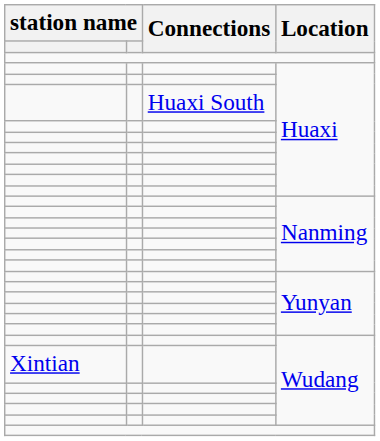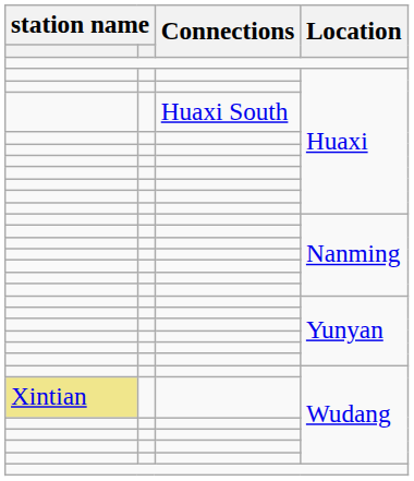 <table class="wikitable">
 <tr>
 <th colspan="2">station name</th>
 <th rowspan="2">Connections<br></th>
 <th rowspan="2">Location</th>
 </tr>
 <tr>
 <th></th>
 <th></th>
 </tr>
 <tr style="background:#">
 <td colspan = "7"></td>
 </tr>
 <tr>
 <td></td>
 <td></td>
 <td></td>
 <td rowspan="10"><a href='#'>Huaxi</a></td>
 </tr>
 <tr>
 <td></td>
 <td></td>
 <td></td>
 </tr>
 <tr>
 <td></td>
 <td></td>
 <td> <a href='#'>Huaxi South</a></td>
 </tr>
 <tr>
 <td></td>
 <td></td>
 <td></td>
 </tr>
 <tr>
 <td></td>
 <td></td>
 <td></td>
 </tr>
 <tr>
 <td></td>
 <td></td>
 <td></td>
 </tr>
 <tr>
 <td></td>
 <td></td>
 <td></td>
 </tr>
 <tr>
 <td></td>
 <td></td>
 <td></td>
 </tr>
 <tr>
 <td></td>
 <td></td>
 <td></td>
 </tr>
 <tr>
 <td></td>
 <td></td>
 <td></td>
 </tr>
 <tr>
 <td></td>
 <td></td>
 <td></td>
 <td rowspan="7"><a href='#'>Nanming</a></td>
 </tr>
 <tr>
 <td></td>
 <td></td>
 <td></td>
 </tr>
 <tr>
 <td></td>
 <td></td>
 <td></td>
 </tr>
 <tr>
 <td></td>
 <td></td>
 <td></td>
 </tr>
 <tr>
 <td></td>
 <td></td>
 <td></td>
 </tr>
 <tr>
 <td></td>
 <td></td>
 <td></td>
 </tr>
 <tr>
 <td></td>
 <td></td>
 <td></td>
 </tr>
 <tr>
 <td></td>
 <td></td>
 <td></td>
 <td rowspan="6"><a href='#'>Yunyan</a></td>
 </tr>
 <tr>
 <td></td>
 <td></td>
 <td></td>
 </tr>
 <tr>
 <td></td>
 <td></td>
 <td></td>
 </tr>
 <tr>
 <td></td>
 <td></td>
 <td></td>
 </tr>
 <tr>
 <td></td>
 <td></td>
 <td></td>
 </tr>
 <tr>
 <td></td>
 <td></td>
 <td></td>
 </tr>
 <tr>
 <td></td>
 <td></td>
 <td></td>
 <td rowspan="6"><a href='#'>Wudang</a></td>
 </tr>
 <tr>
-<td><a href='#'>Xintian</a></td>
+<td style="background: khaki;"><a href='#'>Xintian</a></td>
 <td></td>
 <td></td>
 </tr>
 <tr>
 <td></td>
 <td></td>
 <td></td>
 </tr>
 <tr>
 <td></td>
 <td></td>
 <td></td>
 </tr>
 <tr>
 <td></td>
 <td></td>
 <td></td>
 </tr>
 <tr>
 <td></td>
 <td></td>
 <td></td>
 </tr>
 <tr style="background:#">
 <td colspan = "7"></td>
 </tr>
 </table>
